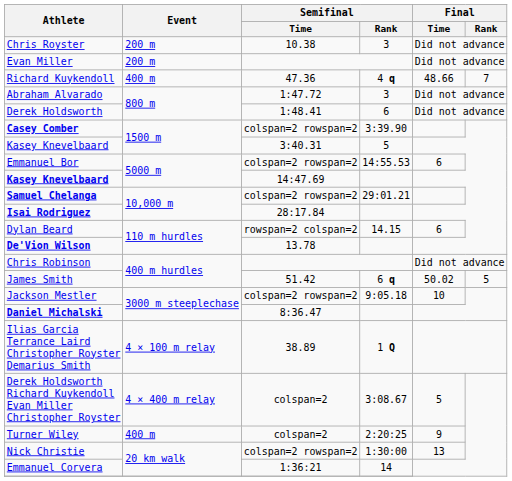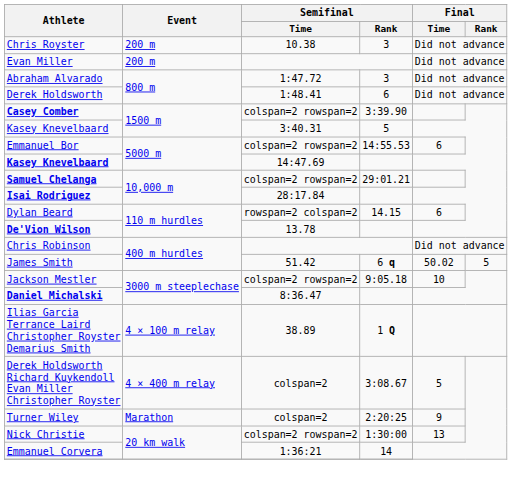 <table class=wikitable style=font-size:90%;text-align:center>
 <tr>
 <th rowspan=2>Athlete</th>
 <th rowspan=2>Event</th>
 <th colspan=2>Semifinal</th>
 <th colspan=2>Final</th>
 </tr>
 <tr style=font-size:95%>
 <th>Time</th>
 <th>Rank</th>
 <th>Time</th>
 <th>Rank</th>
 </tr>
 <tr>
 <td align=left><a href='#'>Chris Royster</a></td>
 <td align=left><a href='#'>200 m</a></td>
 <td>10.38</td>
 <td>3</td>
 <td colspan=2>Did not advance</td>
 </tr>
 <tr>
 <td align=left><a href='#'>Evan Miller</a></td>
 <td align=left><a href='#'>200 m</a></td>
 <td colspan=2></td>
 <td colspan=2>Did not advance</td>
-</tr>
-<tr>
-<td align=left><a href='#'>Richard Kuykendoll</a></td>
-<td align=left><a href='#'>400 m</a></td>
-<td>47.36</td>
-<td>4 <strong>q</strong></td>
-<td>48.66</td>
-<td>7</td>
 </tr>
 <tr>
 <td align=left><a href='#'>Abraham Alvarado</a></td>
 <td align=left rowspan=2><a href='#'>800 m</a></td>
 <td>1:47.72</td>
 <td>3</td>
 <td colspan=2>Did not advance</td>
 </tr>
 <tr>
 <td align=left><a href='#'>Derek Holdsworth</a></td>
 <td>1:48.41</td>
 <td>6</td>
 <td colspan=2>Did not advance</td>
 </tr>
 <tr>
 <td align=left><strong><a href='#'>Casey Comber</a></strong></td>
 <td align=left rowspan=2><a href='#'>1500 m</a></td>
 <td>colspan=2 rowspan=2 </td>
 <td>3:39.90</td>
 <td></td>
 </tr>
 <tr>
 <td align=left><a href='#'>Kasey Knevelbaard</a></td>
 <td>3:40.31</td>
 <td>5</td>
 </tr>
 <tr>
 <td align=left><a href='#'>Emmanuel Bor</a></td>
 <td align=left rowspan=2><a href='#'>5000 m</a></td>
 <td>colspan=2 rowspan=2 </td>
 <td>14:55.53</td>
 <td>6</td>
 </tr>
 <tr>
 <td align=left><strong><a href='#'>Kasey Knevelbaard</a></strong></td>
 <td>14:47.69</td>
 <td></td>
 </tr>
 <tr>
 <td align=left><strong><a href='#'>Samuel Chelanga</a></strong></td>
 <td align=left rowspan=2><a href='#'>10,000 m</a></td>
 <td>colspan=2 rowspan=2 </td>
 <td>29:01.21</td>
 <td></td>
 </tr>
 <tr>
 <td align=left><strong><a href='#'>Isai Rodriguez</a></strong></td>
 <td>28:17.84</td>
 <td></td>
 </tr>
 <tr>
 <td align=left><a href='#'>Dylan Beard</a></td>
 <td align=left rowspan=2><a href='#'>110 m hurdles</a></td>
 <td>rowspan=2 colspan=2 </td>
 <td>14.15</td>
 <td>6</td>
 </tr>
 <tr>
 <td align=left><strong><a href='#'>De'Vion Wilson</a></strong></td>
 <td>13.78</td>
 <td></td>
 </tr>
 <tr>
 <td align=left><a href='#'>Chris Robinson</a></td>
 <td align=left rowspan=2><a href='#'>400 m hurdles</a></td>
 <td colspan=2></td>
 <td colspan=2>Did not advance</td>
 </tr>
 <tr>
 <td align=left><a href='#'>James Smith</a></td>
 <td>51.42</td>
 <td>6 <strong>q</strong></td>
 <td>50.02</td>
 <td>5</td>
 </tr>
 <tr>
 <td align=left><a href='#'>Jackson Mestler</a></td>
 <td align=left rowspan=2><a href='#'>3000 m steeplechase</a></td>
 <td>colspan=2 rowspan=2 </td>
 <td>9:05.18</td>
 <td>10</td>
 </tr>
 <tr>
 <td align=left><strong><a href='#'>Daniel Michalski</a></strong></td>
 <td>8:36.47</td>
 <td></td>
 </tr>
 <tr>
 <td align=left><a href='#'>Ilias Garcia</a><br><a href='#'>Terrance Laird</a><br><a href='#'>Christopher Royster</a><br><a href='#'>Demarius Smith</a></td>
 <td align=left><a href='#'>4 × 100 m relay</a></td>
 <td>38.89</td>
 <td>1 <strong>Q</strong></td>
 <td colspan=2></td>
 </tr>
 <tr>
 <td align=left><a href='#'>Derek Holdsworth</a><br><a href='#'>Richard Kuykendoll</a><br><a href='#'>Evan Miller</a><br><a href='#'>Christopher Royster</a></td>
 <td align=left><a href='#'>4 × 400 m relay</a></td>
 <td>colspan=2 </td>
 <td>3:08.67</td>
 <td>5</td>
 </tr>
 <tr>
 <td align=left><a href='#'>Turner Wiley</a></td>
-<td align=left><a href='#'>400 m</a></td>
+<td align=left><a href='#'>Marathon</a></td>
 <td>colspan=2 </td>
 <td>2:20:25</td>
 <td>9</td>
 </tr>
 <tr>
 <td align=left><a href='#'>Nick Christie</a></td>
 <td align=left rowspan=2><a href='#'>20 km walk</a></td>
 <td>colspan=2 rowspan=2 </td>
 <td>1:30:00</td>
 <td>13</td>
 </tr>
 <tr>
 <td align=left><a href='#'>Emmanuel Corvera</a></td>
 <td>1:36:21</td>
 <td>14</td>
 </tr>
 <tr>
 </tr>
 </table>
